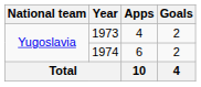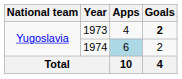 <table class="wikitable" style="text-align:center">
 <tr>
 <th>National team</th>
 <th>Year</th>
 <th>Apps</th>
 <th>Goals</th>
 </tr>
 <tr>
 <td rowspan="2"><a href='#'>Yugoslavia</a></td>
 <td>1973</td>
 <td>4</td>
-<td>2</td>
+<td><strong>2</strong></td>
 </tr>
 <tr>
 <td>1974</td>
-<td>6</td>
+<td style="background: lightblue;">6</td>
 <td>2</td>
 </tr>
 <tr>
 <th colspan="2">Total</th>
 <th>10</th>
 <th>4</th>
 </tr>
 </table>
